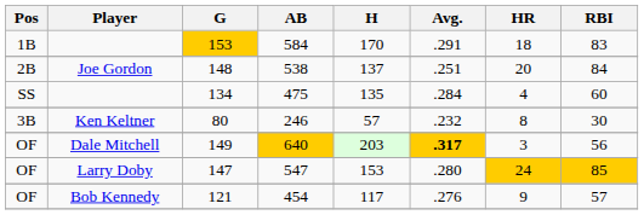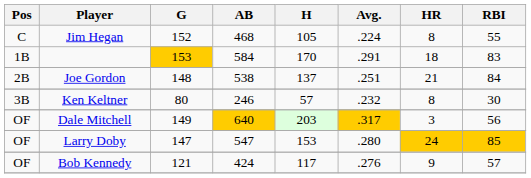 <table class="wikitable sortable">
 <tr>
 <th bgcolor="#DDDDFF" width="5%">Pos</th>
 <th bgcolor="#DDDDFF" width="16%">Player</th>
 <th bgcolor="#DDDDFF" width="9%">G</th>
 <th bgcolor="#DDDDFF" width="9%">AB</th>
 <th bgcolor="#DDDDFF" width="9%">H</th>
 <th bgcolor="#DDDDFF" width="9%">Avg.</th>
 <th bgcolor="#DDDDFF" width="9%">HR</th>
 <th bgcolor="#DDDDFF" width="9%">RBI</th>
+</tr>
+<tr align="center">
+<td>C</td>
+<td><a href='#'>Jim Hegan</a></td>
+<td>152</td>
+<td>468</td>
+<td>105</td>
+<td>.224</td>
+<td>8</td>
+<td>55</td>
 </tr>
 <tr align="center">
 <td>1B</td>
 <td></td>
 <td style="background:#fc0;">153</td>
 <td>584</td>
 <td>170</td>
 <td>.291</td>
 <td>18</td>
 <td>83</td>
 </tr>
 <tr>
 </tr>
 <tr align="center">
 <td>2B</td>
 <td><a href='#'>Joe Gordon</a></td>
 <td>148</td>
 <td>538</td>
 <td>137</td>
 <td>.251</td>
-<td>20</td>
+<td>21</td>
 <td>84</td>
-</tr>
-<tr align="center">
-<td>SS</td>
-<td></td>
-<td>134</td>
-<td>475</td>
-<td>135</td>
-<td>.284</td>
-<td>4</td>
-<td>60</td>
 </tr>
 <tr>
 </tr>
 <tr align="center">
 <td>3B</td>
 <td><a href='#'>Ken Keltner</a></td>
 <td>80</td>
 <td>246</td>
 <td>57</td>
 <td>.232</td>
 <td>8</td>
 <td>30</td>
 </tr>
 <tr>
 </tr>
 <tr align="center">
 <td>OF</td>
 <td><a href='#'>Dale Mitchell</a></td>
 <td>149</td>
 <td style="background:#fc0;">640</td>
 <td style="background:#DDFFDD;">203</td>
-<td style="background:#fc0;"><strong>.317</strong></td>
+<td style="background:#fc0;">.317</td>
 <td>3</td>
 <td>56</td>
 </tr>
 <tr>
 </tr>
 <tr align="center">
 <td>OF</td>
 <td><a href='#'>Larry Doby</a></td>
 <td>147</td>
 <td>547</td>
 <td>153</td>
 <td>.280</td>
 <td style="background:#fc0;">24</td>
 <td style="background:#fc0;">85</td>
 </tr>
 <tr>
 </tr>
 <tr align="center">
 <td>OF</td>
 <td><a href='#'>Bob Kennedy</a></td>
 <td>121</td>
-<td>454</td>
+<td>424</td>
 <td>117</td>
 <td>.276</td>
 <td>9</td>
 <td>57</td>
 </tr>
 <tr align="center">
 </tr>
 </table>
